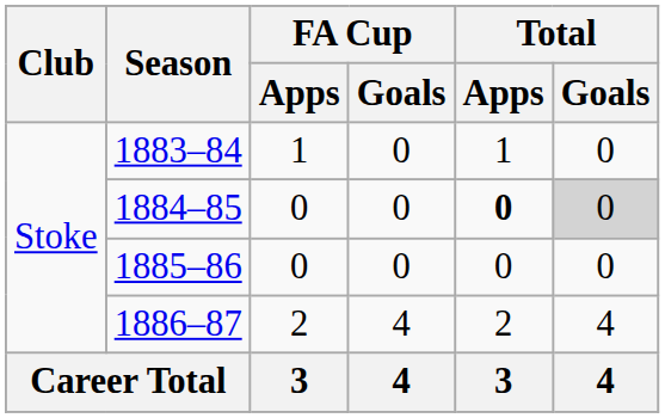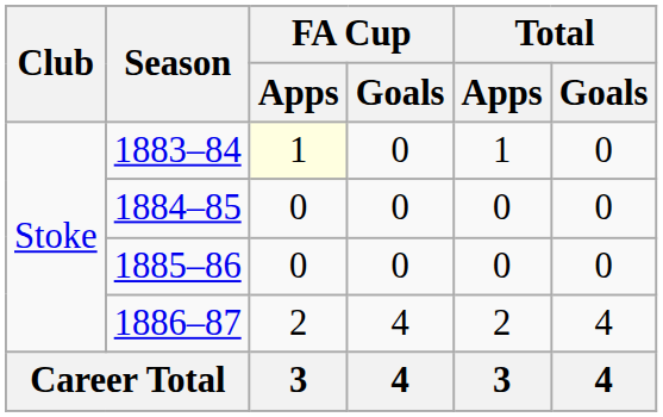 <table class="wikitable" style="text-align: center;">
 <tr>
 <th rowspan="2">Club</th>
 <th rowspan="2">Season</th>
 <th colspan="2">FA Cup</th>
 <th colspan="2">Total</th>
 </tr>
 <tr>
 <th>Apps</th>
 <th>Goals</th>
 <th>Apps</th>
 <th>Goals</th>
 </tr>
 <tr>
 <td rowspan="4"><a href='#'>Stoke</a></td>
 <td><a href='#'>1883–84</a></td>
-<td>1</td>
+<td style="background: lightyellow;">1</td>
 <td>0</td>
 <td>1</td>
 <td>0</td>
 </tr>
 <tr>
 <td><a href='#'>1884–85</a></td>
 <td>0</td>
 <td>0</td>
-<td><strong>0</strong></td>
-<td style="background: lightgrey;">0</td>
+<td>0</td>
+<td>0</td>
 </tr>
 <tr>
 <td><a href='#'>1885–86</a></td>
 <td>0</td>
 <td>0</td>
 <td>0</td>
 <td>0</td>
 </tr>
 <tr>
 <td><a href='#'>1886–87</a></td>
 <td>2</td>
 <td>4</td>
 <td>2</td>
 <td>4</td>
 </tr>
 <tr>
 <th colspan="2">Career Total</th>
 <th>3</th>
 <th>4</th>
 <th>3</th>
 <th>4</th>
 </tr>
 </table>
